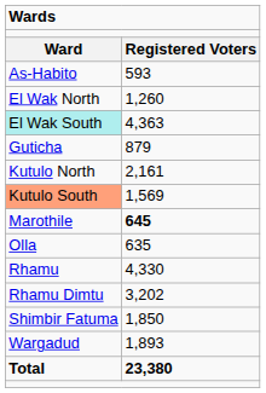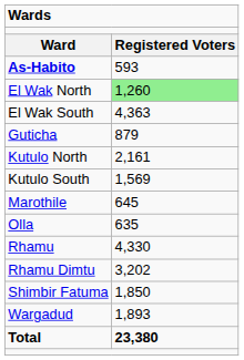 <table class="wikitable">
 <tr>
 <td colspan="2"><strong>Wards</strong></td>
 </tr>
 <tr>
 <td colspan="2"></td>
 </tr>
 <tr>
 <th>Ward</th>
 <th>Registered Voters</th>
 </tr>
 <tr>
-<td><a href='#'>As-Habito</a></td>
+<td><strong><a href='#'>As-Habito</a></strong></td>
 <td>593</td>
 </tr>
 <tr>
 <td><a href='#'>El Wak</a> North</td>
-<td>1,260</td>
+<td style="background: lightgreen;">1,260</td>
 </tr>
 <tr>
-<td style="background: paleturquoise;">El Wak South</td>
+<td>El Wak South</td>
 <td>4,363</td>
 </tr>
 <tr>
 <td><a href='#'>Guticha</a></td>
 <td>879</td>
 </tr>
 <tr>
 <td><a href='#'>Kutulo</a> North</td>
 <td>2,161</td>
 </tr>
 <tr>
-<td style="background: lightsalmon;">Kutulo South</td>
+<td>Kutulo South</td>
 <td>1,569</td>
 </tr>
 <tr>
 <td><a href='#'>Marothile</a></td>
-<td><strong>645</strong></td>
+<td>645</td>
 </tr>
 <tr>
 <td><a href='#'>Olla</a></td>
 <td>635</td>
 </tr>
 <tr>
 <td><a href='#'>Rhamu</a></td>
 <td>4,330</td>
 </tr>
 <tr>
 <td><a href='#'>Rhamu Dimtu</a></td>
 <td>3,202</td>
 </tr>
 <tr>
 <td><a href='#'>Shimbir Fatuma</a></td>
 <td>1,850</td>
 </tr>
 <tr>
 <td><a href='#'>Wargadud</a></td>
 <td>1,893</td>
 </tr>
 <tr>
 <td><strong>Total</strong></td>
 <td><strong>23,380</strong></td>
 </tr>
 <tr>
 <td colspan="2"></td>
 </tr>
 </table>
